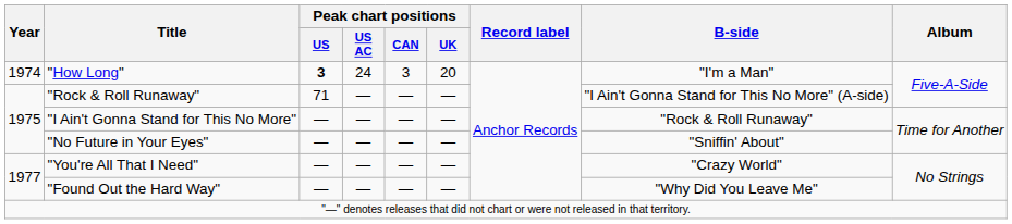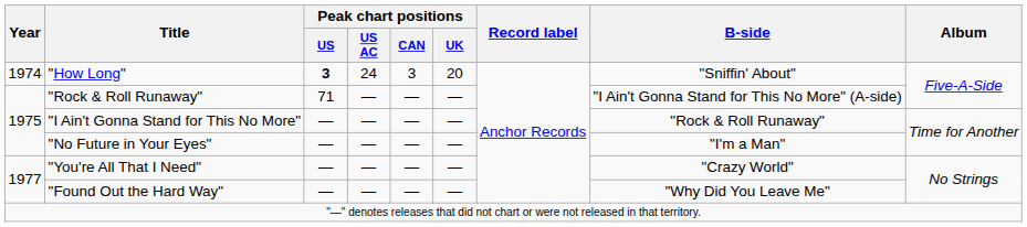 <table class="wikitable" style=text-align:center;>
 <tr>
 <th rowspan="2">Year</th>
 <th rowspan="2">Title</th>
 <th colspan="4">Peak chart positions</th>
 <th rowspan="2"><a href='#'>Record label</a></th>
 <th rowspan="2"><a href='#'>B-side</a></th>
 <th rowspan="2">Album</th>
 </tr>
 <tr style="font-size:smaller;">
 <th width="40"><a href='#'>US</a><br></th>
 <th width="40"><a href='#'>US AC</a><br></th>
 <th width="40"><a href='#'>CAN</a><br></th>
 <th width="40"><a href='#'>UK</a><br></th>
 </tr>
 <tr>
 <td>1974</td>
 <td align=left>"<a href='#'>How Long</a>"</td>
 <td><strong>3</strong></td>
 <td>24</td>
 <td>3</td>
 <td>20</td>
 <td rowspan="6"><a href='#'>Anchor Records</a></td>
-<td>"I'm a Man"</td>
+<td>"Sniffin' About"</td>
 <td rowspan="2"><em><a href='#'>Five-A-Side</a></em></td>
 </tr>
 <tr>
 <td rowspan="3">1975</td>
 <td align=left>"Rock & Roll Runaway"</td>
 <td>71</td>
 <td>—</td>
 <td>—</td>
 <td>—</td>
 <td>"I Ain't Gonna Stand for This No More" (A-side)</td>
 </tr>
 <tr>
 <td align=left>"I Ain't Gonna Stand for This No More"</td>
 <td>—</td>
 <td>—</td>
 <td>—</td>
 <td>—</td>
 <td>"Rock & Roll Runaway"</td>
 <td rowspan="2"><em>Time for Another</em></td>
 </tr>
 <tr>
 <td align=left>"No Future in Your Eyes"</td>
 <td>—</td>
 <td>—</td>
 <td>—</td>
 <td>—</td>
-<td>"Sniffin' About"</td>
+<td>"I'm a Man"</td>
 </tr>
 <tr>
 <td rowspan="2">1977</td>
 <td align=left>"You're All That I Need"</td>
 <td>—</td>
 <td>—</td>
 <td>—</td>
 <td>—</td>
 <td>"Crazy World"</td>
 <td rowspan="2"><em>No Strings</em></td>
 </tr>
 <tr>
 <td align=left>"Found Out the Hard Way"</td>
 <td>—</td>
 <td>—</td>
 <td>—</td>
 <td>—</td>
 <td>"Why Did You Leave Me"</td>
 </tr>
 <tr>
 <td colspan="10" style="text-align:center; font-size:9pt;">"—" denotes releases that did not chart or were not released in that territory.</td>
 </tr>
 </table>
